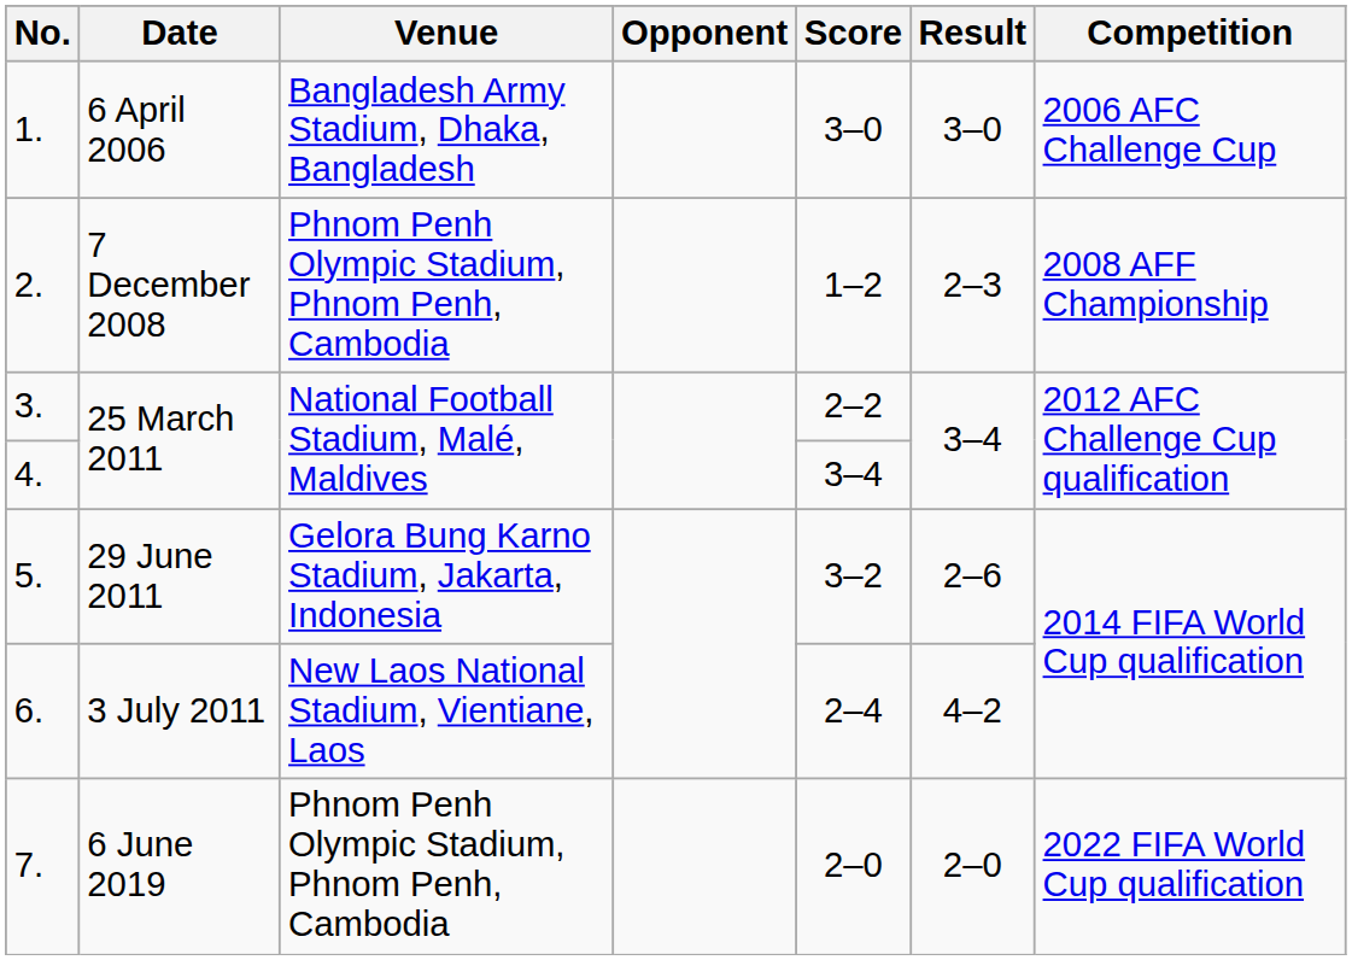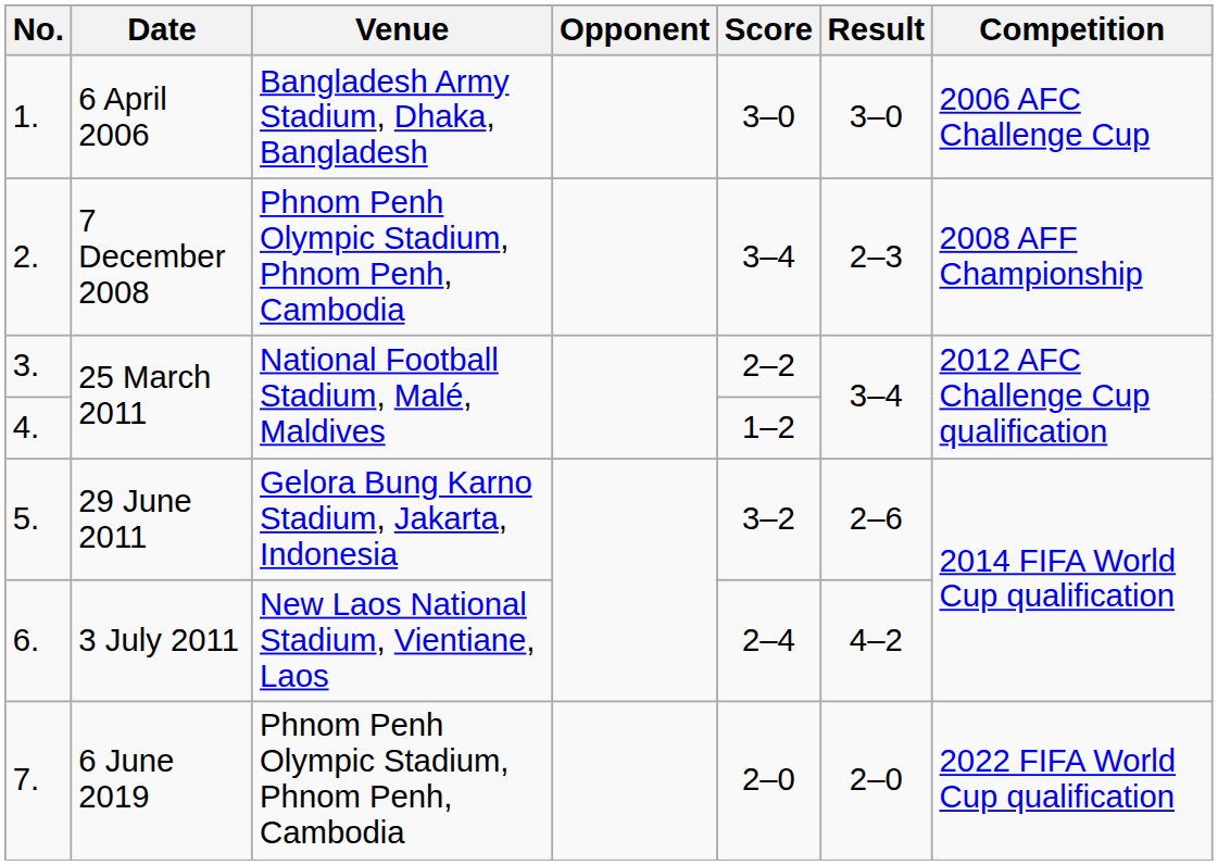 <table class="wikitable">
 <tr>
 <th>No.</th>
 <th>Date</th>
 <th>Venue</th>
 <th>Opponent</th>
 <th>Score</th>
 <th>Result</th>
 <th>Competition</th>
 </tr>
 <tr>
 <td>1.</td>
 <td>6 April 2006</td>
 <td><a href='#'>Bangladesh Army Stadium</a>, <a href='#'>Dhaka</a>, <a href='#'>Bangladesh</a></td>
 <td></td>
 <td align=center>3–0</td>
 <td align=center>3–0</td>
 <td><a href='#'>2006 AFC Challenge Cup</a></td>
 </tr>
 <tr>
 <td>2.</td>
 <td>7 December 2008</td>
 <td><a href='#'>Phnom Penh Olympic Stadium</a>, <a href='#'>Phnom Penh</a>, <a href='#'>Cambodia</a></td>
 <td></td>
-<td align=center>1–2</td>
+<td align=center>3–4</td>
 <td align=center>2–3</td>
 <td><a href='#'>2008 AFF Championship</a></td>
 </tr>
 <tr>
 <td>3.</td>
 <td rowspan=2>25 March 2011</td>
 <td rowspan=2><a href='#'>National Football Stadium</a>, <a href='#'>Malé</a>, <a href='#'>Maldives</a></td>
 <td rowspan=2></td>
 <td align=center>2–2</td>
 <td rowspan=2 align=center>3–4</td>
 <td rowspan=2><a href='#'>2012 AFC Challenge Cup qualification</a></td>
 </tr>
 <tr>
 <td>4.</td>
-<td align=center>3–4</td>
+<td align=center>1–2</td>
 </tr>
 <tr>
 <td>5.</td>
 <td>29 June 2011</td>
 <td><a href='#'>Gelora Bung Karno Stadium</a>, <a href='#'>Jakarta</a>, <a href='#'>Indonesia</a></td>
 <td rowspan=2></td>
 <td align=center>3–2</td>
 <td align=center>2–6</td>
 <td rowspan=2><a href='#'>2014 FIFA World Cup qualification</a></td>
 </tr>
 <tr>
 <td>6.</td>
 <td>3 July 2011</td>
 <td><a href='#'>New Laos National Stadium</a>, <a href='#'>Vientiane</a>, <a href='#'>Laos</a></td>
 <td align=center>2–4</td>
 <td align=center>4–2</td>
 </tr>
 <tr>
 <td>7.</td>
 <td>6 June 2019</td>
 <td>Phnom Penh Olympic Stadium, Phnom Penh, Cambodia</td>
 <td></td>
 <td align=center>2–0</td>
 <td align=center>2–0</td>
 <td><a href='#'>2022 FIFA World Cup qualification</a></td>
 </tr>
 </table>
